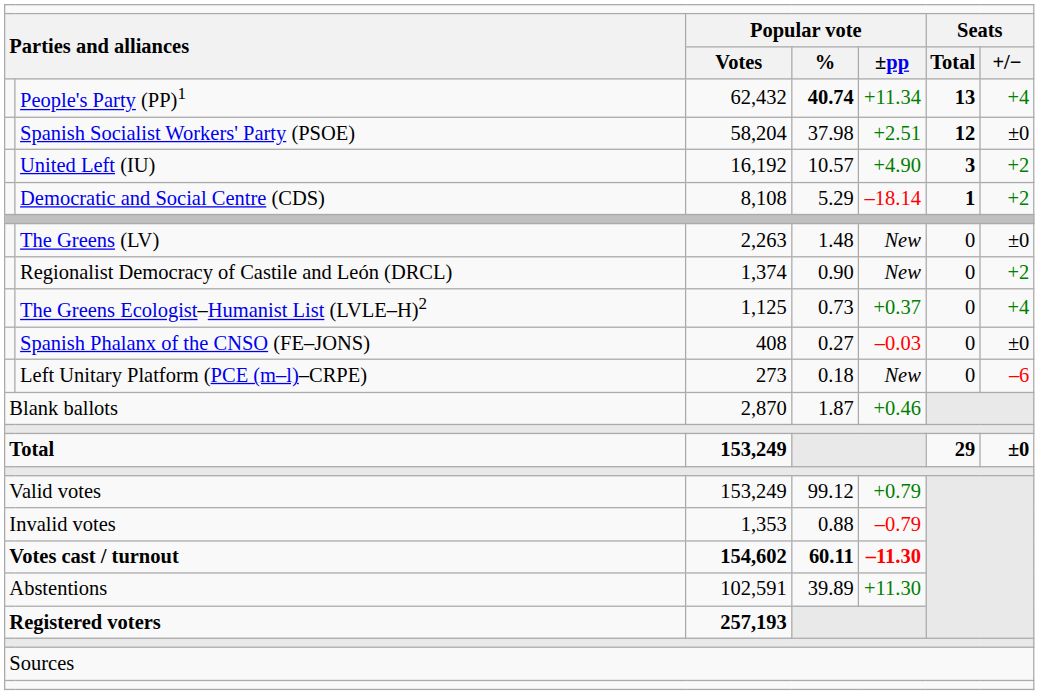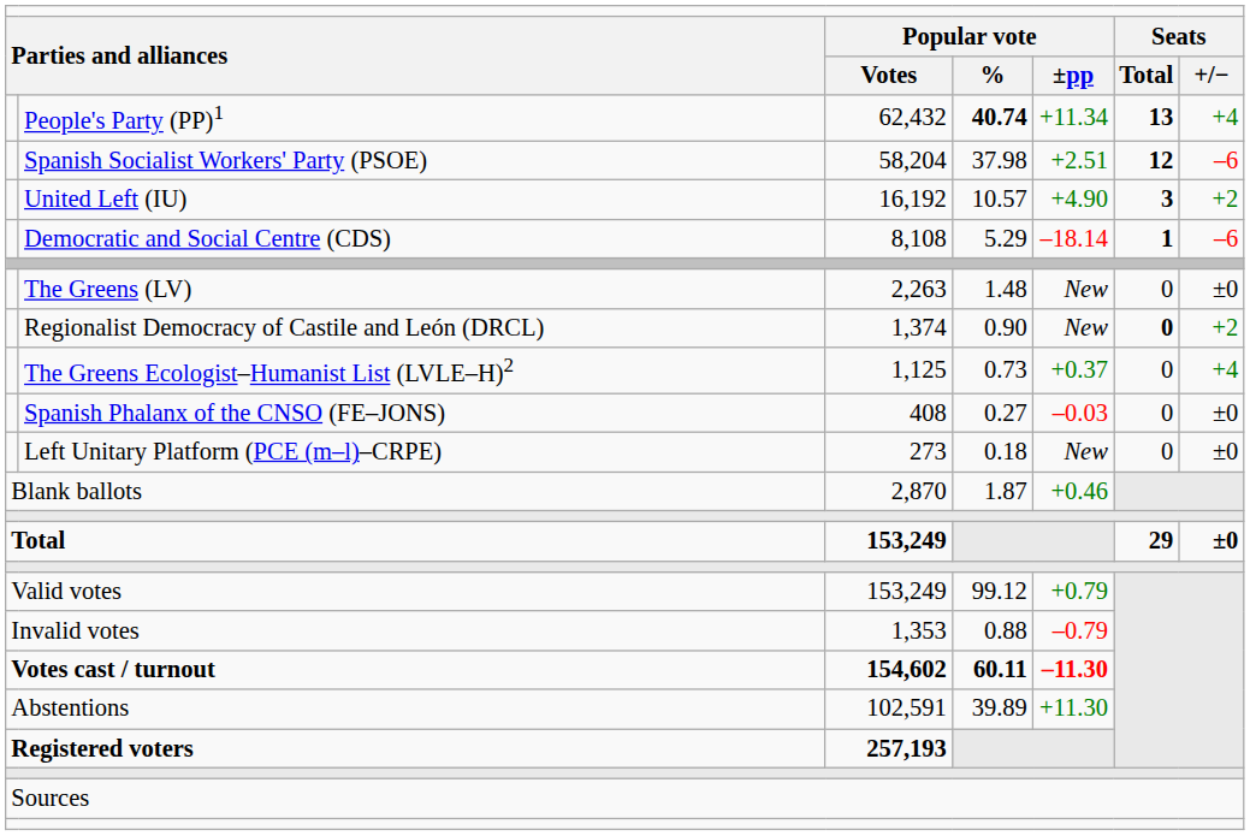 <table class="wikitable" style="text-align:right;">
 <tr>
 <td colspan="7"></td>
 </tr>
 <tr>
 <th style="text-align:left;" rowspan="2" colspan="2" width="525">Parties and alliances</th>
 <th colspan="3">Popular vote</th>
 <th colspan="2">Seats</th>
 </tr>
 <tr>
 <th width="75">Votes</th>
 <th width="45">%</th>
 <th width="45">±<a href='#'>pp</a></th>
 <th width="35">Total</th>
 <th width="35">+/−</th>
 </tr>
 <tr>
 <td width="1" style="color:inherit;background:"></td>
 <td align="left"><a href='#'>People's Party</a> (PP)<sup>1</sup></td>
 <td>62,432</td>
 <td><strong>40.74</strong></td>
 <td style="color:green;">+11.34</td>
 <td><strong>13</strong></td>
 <td style="color:green;">+4</td>
 </tr>
 <tr>
 <td style="color:inherit;background:"></td>
 <td align="left"><a href='#'>Spanish Socialist Workers' Party</a> (PSOE)</td>
 <td>58,204</td>
 <td>37.98</td>
 <td style="color:green;">+2.51</td>
 <td><strong>12</strong></td>
-<td>±0</td>
+<td style="color:red;">–6</td>
 </tr>
 <tr>
 <td style="color:inherit;background:"></td>
 <td align="left"><a href='#'>United Left</a> (IU)</td>
 <td>16,192</td>
 <td>10.57</td>
 <td style="color:green;">+4.90</td>
 <td><strong>3</strong></td>
 <td style="color:green;">+2</td>
 </tr>
 <tr>
 <td style="color:inherit;background:"></td>
 <td align="left"><a href='#'>Democratic and Social Centre</a> (CDS)</td>
 <td>8,108</td>
 <td>5.29</td>
 <td style="color:red;">–18.14</td>
 <td><strong>1</strong></td>
-<td style="color:green;">+2</td>
+<td style="color:red;">–6</td>
 </tr>
 <tr>
 <td colspan="7" bgcolor="#C0C0C0"></td>
 </tr>
 <tr>
 <td style="color:inherit;background:"></td>
 <td align="left"><a href='#'>The Greens</a> (LV)</td>
 <td>2,263</td>
 <td>1.48</td>
 <td><em>New</em></td>
 <td>0</td>
 <td>±0</td>
 </tr>
 <tr>
 <td style="color:inherit;background:"></td>
 <td align="left">Regionalist Democracy of Castile and León (DRCL)</td>
 <td>1,374</td>
 <td>0.90</td>
 <td><em>New</em></td>
-<td>0</td>
+<td><strong>0</strong></td>
 <td style="color:green;">+2</td>
 </tr>
 <tr>
 <td style="color:inherit;background:"></td>
 <td align="left"><a href='#'>The Greens Ecologist</a>–<a href='#'>Humanist List</a> (LVLE–H)<sup>2</sup></td>
 <td>1,125</td>
 <td>0.73</td>
 <td style="color:green;">+0.37</td>
 <td>0</td>
 <td style="color:green;">+4</td>
 </tr>
 <tr>
 <td style="color:inherit;background:"></td>
 <td align="left"><a href='#'>Spanish Phalanx of the CNSO</a> (FE–JONS)</td>
 <td>408</td>
 <td>0.27</td>
 <td style="color:red;">–0.03</td>
 <td>0</td>
 <td>±0</td>
 </tr>
 <tr>
 <td style="color:inherit;background:"></td>
 <td align="left">Left Unitary Platform (<a href='#'>PCE (m–l)</a>–CRPE)</td>
 <td>273</td>
 <td>0.18</td>
 <td><em>New</em></td>
 <td>0</td>
-<td style="color:red;">–6</td>
+<td>±0</td>
 </tr>
 <tr>
 <td align="left" colspan="2">Blank ballots</td>
 <td>2,870</td>
 <td>1.87</td>
 <td style="color:green;">+0.46</td>
 <td bgcolor="#E9E9E9" colspan="2"></td>
 </tr>
 <tr>
 <td colspan="7" bgcolor="#E9E9E9"></td>
 </tr>
 <tr style="font-weight:bold;">
 <td align="left" colspan="2">Total</td>
 <td>153,249</td>
 <td bgcolor="#E9E9E9" colspan="2"></td>
 <td>29</td>
 <td>±0</td>
 </tr>
 <tr>
 <td colspan="7" bgcolor="#E9E9E9"></td>
 </tr>
 <tr>
 <td align="left" colspan="2">Valid votes</td>
 <td>153,249</td>
 <td>99.12</td>
 <td style="color:green;">+0.79</td>
 <td bgcolor="#E9E9E9" colspan="2" rowspan="5"></td>
 </tr>
 <tr>
 <td align="left" colspan="2">Invalid votes</td>
 <td>1,353</td>
 <td>0.88</td>
 <td style="color:red;">–0.79</td>
 </tr>
 <tr style="font-weight:bold;">
 <td align="left" colspan="2">Votes cast / turnout</td>
 <td>154,602</td>
 <td>60.11</td>
 <td style="color:red;">–11.30</td>
 </tr>
 <tr>
 <td align="left" colspan="2">Abstentions</td>
 <td>102,591</td>
 <td>39.89</td>
 <td style="color:green;">+11.30</td>
 </tr>
 <tr style="font-weight:bold;">
 <td align="left" colspan="2">Registered voters</td>
 <td>257,193</td>
 <td bgcolor="#E9E9E9" colspan="2"></td>
 </tr>
 <tr>
 <td colspan="7" bgcolor="#E9E9E9"></td>
 </tr>
 <tr>
 <td align="left" colspan="7">Sources</td>
 </tr>
 <tr>
 <td colspan="7" style="text-align:left; max-width:790px;"></td>
 </tr>
 </table>
